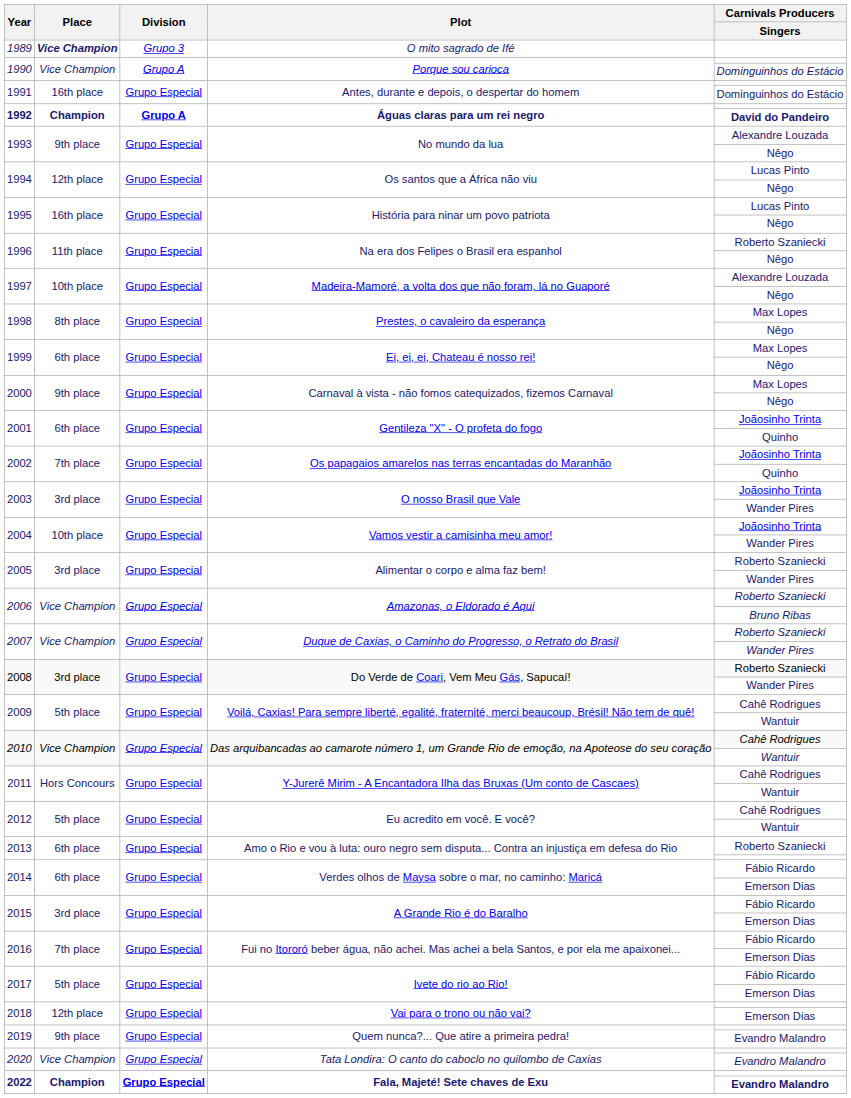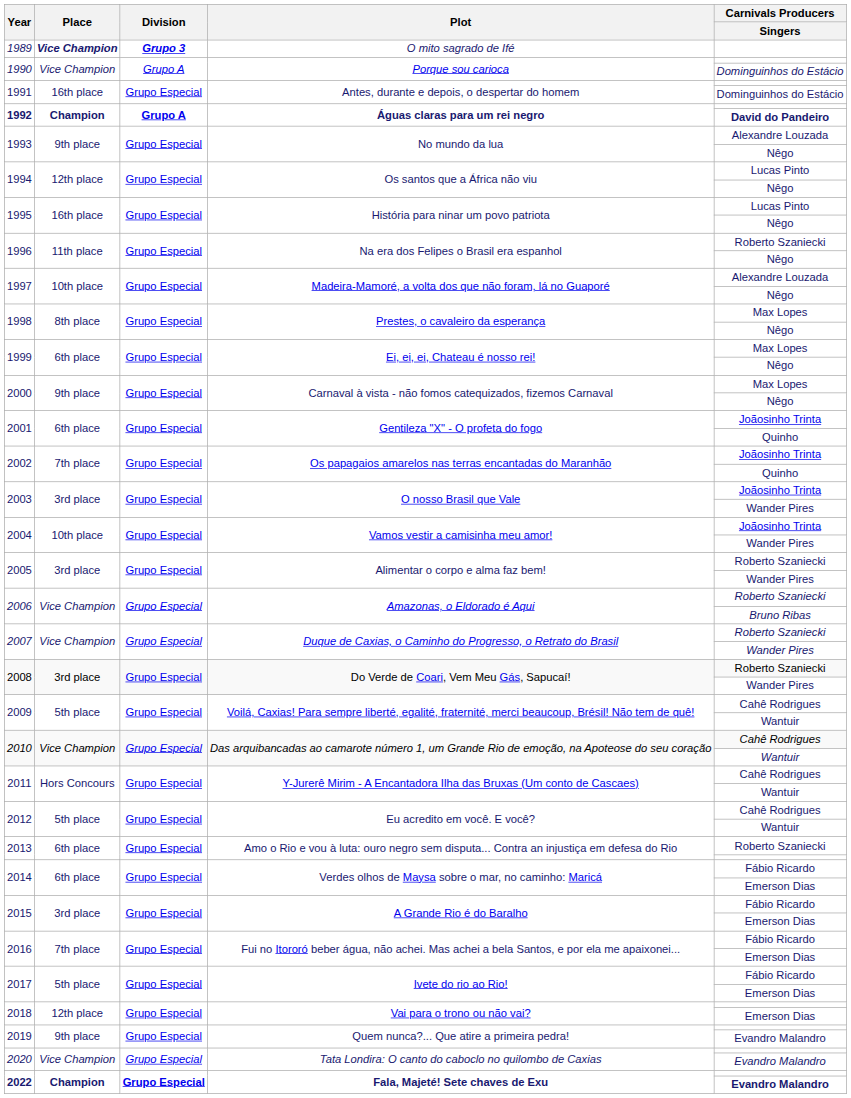 <table class="wikitable sortable" style="text-align:center">
 <tr align="center">
 <th rowspan="2">Year</th>
 <th rowspan="2">Place</th>
 <th rowspan="2">Division</th>
 <th rowspan="2">Plot</th>
 <th>Carnivals Producers</th>
 </tr>
 <tr align="center">
 <th>Singers</th>
 </tr>
 <tr style="background-color:white; color:midnightblue; text:align=center">
 <td><em>1989</em></td>
 <td><strong><em>Vice Champion</em></strong></td>
-<td><em><a href='#'>Grupo 3</a></em></td>
+<td><strong><em><a href='#'>Grupo 3</a></em></strong></td>
 <td><em>O mito sagrado de Ifé</em></td>
 <td><em></em></td>
 </tr>
 <tr style="background-color:white; color:midnightblue; text:align=center">
 <td rowspan="2"><em>1990</em></td>
 <td rowspan="2"><em>Vice Champion</em></td>
 <td rowspan="2"><em><a href='#'>Grupo A</a></em></td>
 <td rowspan="2"><em><a href='#'>Porque sou carioca</a></em></td>
 <td><em></em></td>
 </tr>
 <tr style="background-color:white; color:midnightblue; text:align=center">
 <td><em>Dominguinhos do Estácio</em></td>
 </tr>
 <tr style="background-color:white; color:midnightblue; text:align=center">
 <td rowspan="2">1991</td>
 <td rowspan="2">16th place</td>
 <td rowspan="2"><a href='#'>Grupo Especial</a></td>
 <td rowspan="2">Antes, durante e depois, o despertar do homem</td>
 <td></td>
 </tr>
 <tr style="background-color:white; color:midnightblue; text:align=center">
 <td>Dominguinhos do Estácio</td>
 </tr>
 <tr style="background-color:white; color:midnightblue; text:align=center">
 <td rowspan="2"><strong>1992</strong></td>
 <td rowspan="2"><strong>Champion</strong></td>
 <td rowspan="2"><strong><a href='#'>Grupo A</a></strong></td>
 <td rowspan="2"><strong>Águas claras para um rei negro</strong></td>
 <td><strong></strong></td>
 </tr>
 <tr style="background-color:white; color:midnightblue; text:align=center">
 <td><strong>David do Pandeiro</strong></td>
 </tr>
 <tr style="background-color:white; color:midnightblue; text:align=center">
 <td rowspan="2">1993</td>
 <td rowspan="2">9th place</td>
 <td rowspan="2"><a href='#'>Grupo Especial</a></td>
 <td rowspan="2">No mundo da lua</td>
 <td>Alexandre Louzada</td>
 </tr>
 <tr style="background-color:white; color:midnightblue; text:align=center">
 <td>Nêgo</td>
 </tr>
 <tr style="background-color:white; color:midnightblue; text:align=center">
 <td rowspan="2">1994</td>
 <td rowspan="2">12th place</td>
 <td rowspan="2"><a href='#'>Grupo Especial</a></td>
 <td rowspan="2">Os santos que a África não viu</td>
 <td>Lucas Pinto</td>
 </tr>
 <tr style="background-color:white; color:midnightblue; text:align=center">
 <td>Nêgo</td>
 </tr>
 <tr style="background-color:white; color:midnightblue; text:align=center">
 <td rowspan="2">1995</td>
 <td rowspan="2">16th place</td>
 <td rowspan="2"><a href='#'>Grupo Especial</a></td>
 <td rowspan="2">História para ninar um povo patriota</td>
 <td>Lucas Pinto</td>
 </tr>
 <tr style="background-color:white; color:midnightblue; text:align=center">
 <td>Nêgo</td>
 </tr>
 <tr style="background-color:white; color:midnightblue; text:align=center">
 <td rowspan="2">1996</td>
 <td rowspan="2">11th place</td>
 <td rowspan="2"><a href='#'>Grupo Especial</a></td>
 <td rowspan="2">Na era dos Felipes o Brasil era espanhol</td>
 <td>Roberto Szaniecki</td>
 </tr>
 <tr style="background-color:white; color:midnightblue; text:align=center">
 <td>Nêgo</td>
 </tr>
 <tr style="background-color:white; color:midnightblue; text:align=center">
 <td rowspan="2">1997</td>
 <td rowspan="2">10th place</td>
 <td rowspan="2"><a href='#'>Grupo Especial</a></td>
 <td rowspan="2"><a href='#'>Madeira-Mamoré, a volta dos que não foram, lá no Guaporé</a></td>
 <td>Alexandre Louzada</td>
 </tr>
 <tr style="background-color:white; color:midnightblue; text:align=center">
 <td>Nêgo</td>
 </tr>
 <tr style="background-color:white; color:midnightblue; text:align=center">
 <td rowspan="2">1998</td>
 <td rowspan="2">8th place</td>
 <td rowspan="2"><a href='#'>Grupo Especial</a></td>
 <td rowspan="2"><a href='#'>Prestes, o cavaleiro da esperança</a></td>
 <td>Max Lopes</td>
 </tr>
 <tr style="background-color:white; color:midnightblue; text:align=center">
 <td>Nêgo</td>
 </tr>
 <tr style="background-color:white; color:midnightblue; text:align=center">
 <td rowspan="2">1999</td>
 <td rowspan="2">6th place</td>
 <td rowspan="2"><a href='#'>Grupo Especial</a></td>
 <td rowspan="2"><a href='#'>Ei, ei, ei, Chateau é nosso rei!</a></td>
 <td>Max Lopes</td>
 </tr>
 <tr style="background-color:white; color:midnightblue; text:align=center">
 <td>Nêgo</td>
 </tr>
 <tr style="background-color:white; color:midnightblue; text:align=center">
 <td rowspan="2">2000</td>
 <td rowspan="2">9th place</td>
 <td rowspan="2"><a href='#'>Grupo Especial</a></td>
 <td rowspan="2">Carnaval à vista - não fomos catequizados, fizemos Carnaval</td>
 <td>Max Lopes</td>
 </tr>
 <tr style="background-color:white; color:midnightblue; text:align=center">
 <td>Nêgo</td>
 </tr>
 <tr style="background-color:white; color:midnightblue; text:align=center">
 <td rowspan="2">2001</td>
 <td rowspan="2">6th place</td>
 <td rowspan="2"><a href='#'>Grupo Especial</a></td>
 <td rowspan="2"><a href='#'>Gentileza "X" - O profeta do fogo</a></td>
 <td><a href='#'>Joãosinho Trinta</a></td>
 </tr>
 <tr style="background-color:white; color:midnightblue; text:align=center">
 <td>Quinho</td>
 </tr>
 <tr style="background-color:white; color:midnightblue; text:align=center">
 <td rowspan="2">2002</td>
 <td rowspan="2">7th place</td>
 <td rowspan="2"><a href='#'>Grupo Especial</a></td>
 <td rowspan="2"><a href='#'>Os papagaios amarelos nas terras encantadas do Maranhão</a></td>
 <td><a href='#'>Joãosinho Trinta</a></td>
 </tr>
 <tr style="background-color:white; color:midnightblue; text:align=center">
 <td>Quinho</td>
 </tr>
 <tr style="background-color:white; color:midnightblue; text:align=center">
 <td rowspan="2">2003</td>
 <td rowspan="2">3rd place</td>
 <td rowspan="2"><a href='#'>Grupo Especial</a></td>
 <td rowspan="2"><a href='#'>O nosso Brasil que Vale</a></td>
 <td><a href='#'>Joãosinho Trinta</a></td>
 </tr>
 <tr style="background-color:white; color:midnightblue; text:align=center">
 <td>Wander Pires</td>
 </tr>
 <tr style="background-color:white; color:midnightblue; text:align=center">
 <td rowspan="2">2004</td>
 <td rowspan="2">10th place</td>
 <td rowspan="2"><a href='#'>Grupo Especial</a></td>
 <td rowspan="2"><a href='#'>Vamos vestir a camisinha meu amor!</a></td>
 <td><a href='#'>Joãosinho Trinta</a></td>
 </tr>
 <tr style="background-color:white; color:midnightblue; text:align=center">
 <td>Wander Pires</td>
 </tr>
 <tr style="background-color:white; color:midnightblue; text:align=center">
 <td rowspan="2">2005</td>
 <td rowspan="2">3rd place</td>
 <td rowspan="2"><a href='#'>Grupo Especial</a></td>
 <td rowspan="2">Alimentar o corpo e alma faz bem!</td>
 <td>Roberto Szaniecki</td>
 </tr>
 <tr style="background-color:white; color:midnightblue; text:align=center">
 <td>Wander Pires</td>
 </tr>
 <tr style="background-color:white; color:midnightblue; text:align=center">
 <td rowspan="2"><em>2006</em></td>
 <td rowspan="2"><em>Vice Champion</em></td>
 <td rowspan="2"><em><a href='#'>Grupo Especial</a></em></td>
 <td rowspan="2"><em><a href='#'>Amazonas, o Eldorado é Aqui</a></em></td>
 <td><em>Roberto Szaniecki</em></td>
 </tr>
 <tr style="background-color:white; color:midnightblue; text:align=center">
 <td><em>Bruno Ribas</em></td>
 </tr>
 <tr style="background-color:white; color:midnightblue; text:align=center">
 <td rowspan="2"><em>2007</em></td>
 <td rowspan="2"><em>Vice Champion</em></td>
 <td rowspan="2"><em><a href='#'>Grupo Especial</a></em></td>
 <td rowspan="2"><em><a href='#'>Duque de Caxias, o Caminho do Progresso, o Retrato do Brasil</a></em></td>
 <td><em>Roberto Szaniecki</em></td>
 </tr>
 <tr style="background-color:white; color:midnightblue; text:align=center">
 <td><em>Wander Pires</em></td>
 </tr>
 <tr>
 <td rowspan="2">2008</td>
 <td rowspan="2">3rd place</td>
 <td rowspan="2"><a href='#'>Grupo Especial</a></td>
 <td rowspan="2">Do Verde de <a href='#'>Coari</a>, Vem Meu <a href='#'>Gás</a>, Sapucaí!</td>
 <td>Roberto Szaniecki</td>
 </tr>
 <tr style="background-color:white; color:midnightblue; text:align=center">
 <td>Wander Pires</td>
 </tr>
 <tr style="background-color:white; color:midnightblue; text:align=center">
 <td rowspan="2">2009</td>
 <td rowspan="2">5th place</td>
 <td rowspan="2"><a href='#'>Grupo Especial</a></td>
 <td rowspan="2"><a href='#'>Voilá, Caxias! Para sempre liberté, egalité, fraternité, merci beaucoup, Brésil! Não tem de quê!</a></td>
 <td>Cahê Rodrigues</td>
 </tr>
 <tr style="background-color:white; color:midnightblue; text:align=center">
 <td>Wantuir</td>
 </tr>
 <tr>
 <td rowspan="2"><em>2010</em></td>
 <td rowspan="2"><em>Vice Champion</em></td>
 <td rowspan="2"><em><a href='#'>Grupo Especial</a></em></td>
 <td rowspan="2"><em>Das arquibancadas ao camarote número 1, um Grande Rio de emoção, na Apoteose do seu coração</em></td>
 <td><em>Cahê Rodrigues</em></td>
 </tr>
 <tr style="background-color:white; color:midnightblue; text:align=center">
 <td><em>Wantuir</em></td>
 </tr>
 <tr style="background-color:white; color:midnightblue; text:align=center">
 <td rowspan="2">2011</td>
 <td rowspan="2">Hors Concours</td>
 <td rowspan="2"><a href='#'>Grupo Especial</a></td>
 <td rowspan="2"><a href='#'>Y-Jurerê Mirim - A Encantadora Ilha das Bruxas (Um conto de Cascaes)</a></td>
 <td>Cahê Rodrigues</td>
 </tr>
 <tr style="background-color:white; color:midnightblue; text:align=center">
 <td>Wantuir</td>
 </tr>
 <tr style="background-color:white; color:midnightblue; text:align=center">
 <td rowspan="2">2012</td>
 <td rowspan="2">5th place</td>
 <td rowspan="2"><a href='#'>Grupo Especial</a></td>
 <td rowspan="2">Eu acredito em você. E você?</td>
 <td>Cahê Rodrigues</td>
 </tr>
 <tr style="background-color:white; color:midnightblue; text:align=center">
 <td>Wantuir</td>
 </tr>
 <tr style="background-color:white; color:midnightblue; text:align=center">
 <td rowspan="2">2013</td>
 <td rowspan="2">6th place</td>
 <td rowspan="2"><a href='#'>Grupo Especial</a></td>
 <td rowspan="2">Amo o Rio e vou à luta: ouro negro sem disputa... Contra an injustiça em defesa do Rio</td>
 <td>Roberto Szaniecki</td>
 </tr>
 <tr style="background-color:white; color:midnightblue; text:align=center">
 <td></td>
 </tr>
 <tr style="background-color:white; color:midnightblue; text:align=center">
 <td rowspan="2">2014</td>
 <td rowspan="2">6th place</td>
 <td rowspan="2"><a href='#'>Grupo Especial</a></td>
 <td rowspan="2">Verdes olhos de <a href='#'>Maysa</a> sobre o mar, no caminho: <a href='#'>Maricá</a></td>
 <td>Fábio Ricardo</td>
 </tr>
 <tr style="background-color:white; color:midnightblue; text:align=center">
 <td>Emerson Dias</td>
 </tr>
 <tr style="background-color:white; color:midnightblue; text:align=center">
 <td rowspan="2">2015</td>
 <td rowspan="2">3rd place</td>
 <td rowspan="2"><a href='#'>Grupo Especial</a></td>
 <td rowspan="2"><a href='#'>A Grande Rio é do Baralho</a></td>
 <td>Fábio Ricardo</td>
 </tr>
 <tr style="background-color:white; color:midnightblue; text:align=center">
 <td>Emerson Dias</td>
 </tr>
 <tr style="background-color:white; color:midnightblue; text:align=center">
 <td rowspan="2">2016</td>
 <td rowspan="2">7th place</td>
 <td rowspan="2"><a href='#'>Grupo Especial</a></td>
 <td rowspan="2">Fui no <a href='#'>Itororó</a> beber água, não achei. Mas achei a bela Santos, e por ela me apaixonei...</td>
 <td>Fábio Ricardo</td>
 </tr>
 <tr style="background-color:white; color:midnightblue; text:align=center">
 <td>Emerson Dias</td>
 </tr>
 <tr style="background-color:white; color:midnightblue; text:align=center">
 <td rowspan="2">2017</td>
 <td rowspan="2">5th place</td>
 <td rowspan="2"><a href='#'>Grupo Especial</a></td>
 <td rowspan="2"><a href='#'>Ivete do rio ao Rio!</a></td>
 <td>Fábio Ricardo</td>
 </tr>
 <tr style="background-color:white; color:midnightblue; text:align=center">
 <td>Emerson Dias</td>
 </tr>
 <tr style="background-color:white; color:midnightblue; text:align=center">
 <td rowspan="2">2018</td>
 <td rowspan="2">12th place</td>
 <td rowspan="2"><a href='#'>Grupo Especial</a></td>
 <td rowspan="2"><a href='#'>Vai para o trono ou não vai?</a></td>
 <td></td>
 </tr>
 <tr style="background-color:white; color:midnightblue; text:align=center">
 <td>Emerson Dias</td>
 </tr>
 <tr style="background-color:white; color:midnightblue; text:align=center">
 <td rowspan="2">2019</td>
 <td rowspan="2">9th place</td>
 <td rowspan="2"><a href='#'>Grupo Especial</a></td>
 <td rowspan="2">Quem nunca?... Que atire a primeira pedra!</td>
 <td></td>
 </tr>
 <tr style="background-color:white; color:midnightblue; text:align=center">
 <td>Evandro Malandro</td>
 </tr>
 <tr style="background-color:white; color:midnightblue; text:align=center">
 <td rowspan="2"><em>2020</em></td>
 <td rowspan="2"><em>Vice Champion</em></td>
 <td rowspan="2"><em><a href='#'>Grupo Especial</a></em></td>
 <td rowspan="2"><em>Tata Londira: O canto do caboclo no quilombo de Caxias</em></td>
 <td><em></em></td>
 </tr>
 <tr style="background-color:white; color:midnightblue; text:align=center">
 <td><em>Evandro Malandro</em></td>
 </tr>
 <tr style="background-color:white; color:midnightblue; text:align=center">
 <td rowspan="2"><strong>2022</strong></td>
 <td rowspan="2"><strong>Champion</strong> </td>
 <td rowspan="2"><strong><a href='#'>Grupo Especial</a></strong></td>
 <td rowspan="2"><strong>Fala, Majeté! Sete chaves de Exu</strong></td>
 <td><strong></strong></td>
 </tr>
 <tr style="background-color:white; color:midnightblue; text:align=center">
 <td><strong>Evandro Malandro</strong></td>
 </tr>
 </table>
